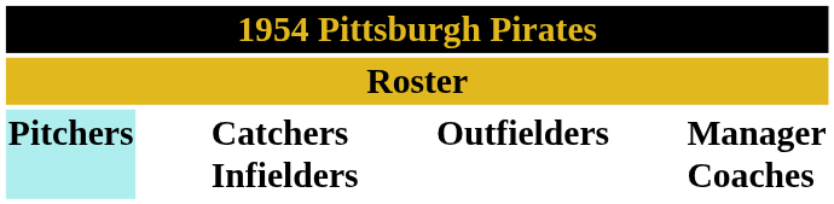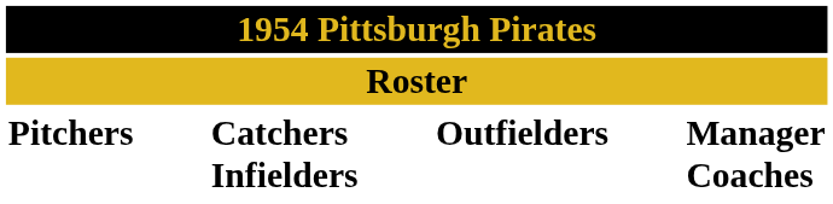 <table class="toccolours" style="font-size: 95%;">
 <tr>
 <th colspan="10" style="background-color: black; color: #e1b81e; text-align: center;">1954 Pittsburgh Pirates</th>
 </tr>
 <tr>
 <td colspan="10" style="background-color: #e1b81e; color: black; text-align: center;"><strong>Roster</strong></td>
 </tr>
 <tr>
-<td valign="top" style="background: paleturquoise;"><strong>Pitchers</strong><br>             </td>
+<td valign="top"><strong>Pitchers</strong><br>             </td>
 <td width="25px"></td>
 <td valign="top"><strong>Catchers</strong><br>      <strong>Infielders</strong>        </td>
 <td width="25px"></td>
 <td valign="top"><strong>Outfielders</strong><br>        </td>
 <td width="25px"></td>
 <td valign="top"><strong>Manager</strong><br> <strong>Coaches</strong>   </td>
 </tr>
 </table>
